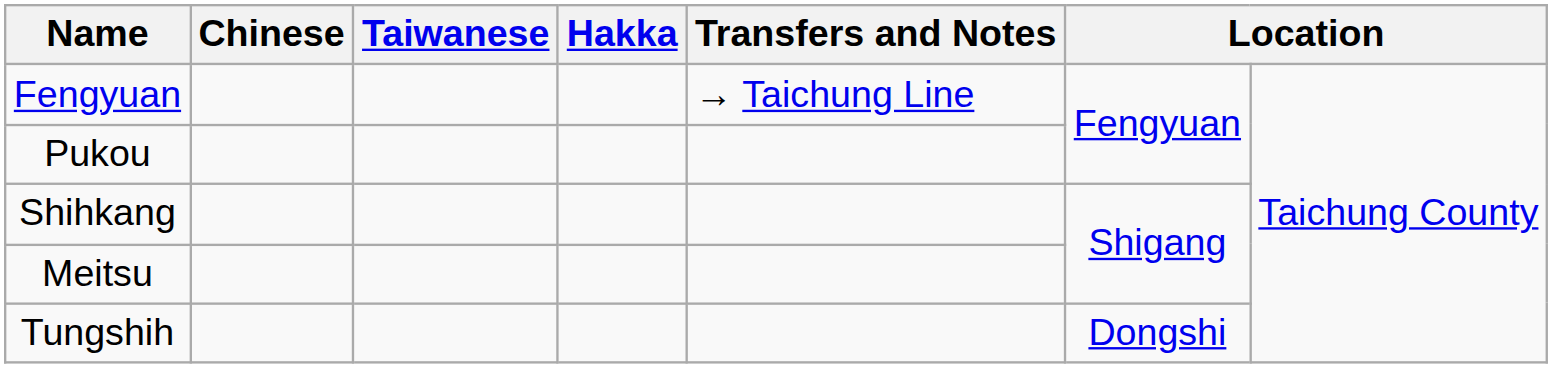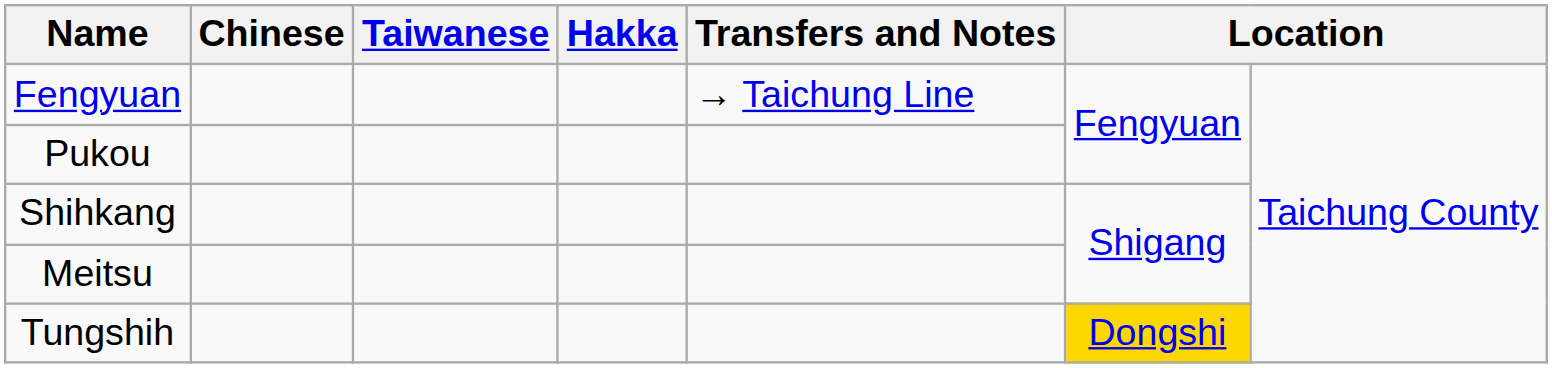 <table class=wikitable style="text-align:center">
 <tr>
 <th>Name</th>
 <th>Chinese</th>
 <th><a href='#'>Taiwanese</a></th>
 <th><a href='#'>Hakka</a></th>
 <th>Transfers and Notes</th>
 <th colspan=2>Location</th>
 </tr>
 <tr>
 <td><a href='#'>Fengyuan</a></td>
 <td></td>
 <td></td>
 <td></td>
 <td align=left>→  <a href='#'>Taichung Line</a></td>
 <td rowspan="2"><a href='#'>Fengyuan</a></td>
 <td rowspan=5><a href='#'>Taichung County</a></td>
 </tr>
 <tr>
 <td>Pukou</td>
 <td></td>
 <td></td>
 <td></td>
 <td> </td>
 </tr>
 <tr>
 <td>Shihkang</td>
 <td></td>
 <td></td>
 <td></td>
 <td> </td>
 <td rowspan="2"><a href='#'>Shigang</a></td>
 </tr>
 <tr>
 <td>Meitsu</td>
 <td></td>
 <td></td>
 <td></td>
 <td> </td>
 </tr>
 <tr>
 <td>Tungshih</td>
 <td></td>
 <td></td>
 <td></td>
 <td> </td>
-<td><a href='#'>Dongshi</a></td>
+<td style="background: gold;"><a href='#'>Dongshi</a></td>
 </tr>
 </table>
